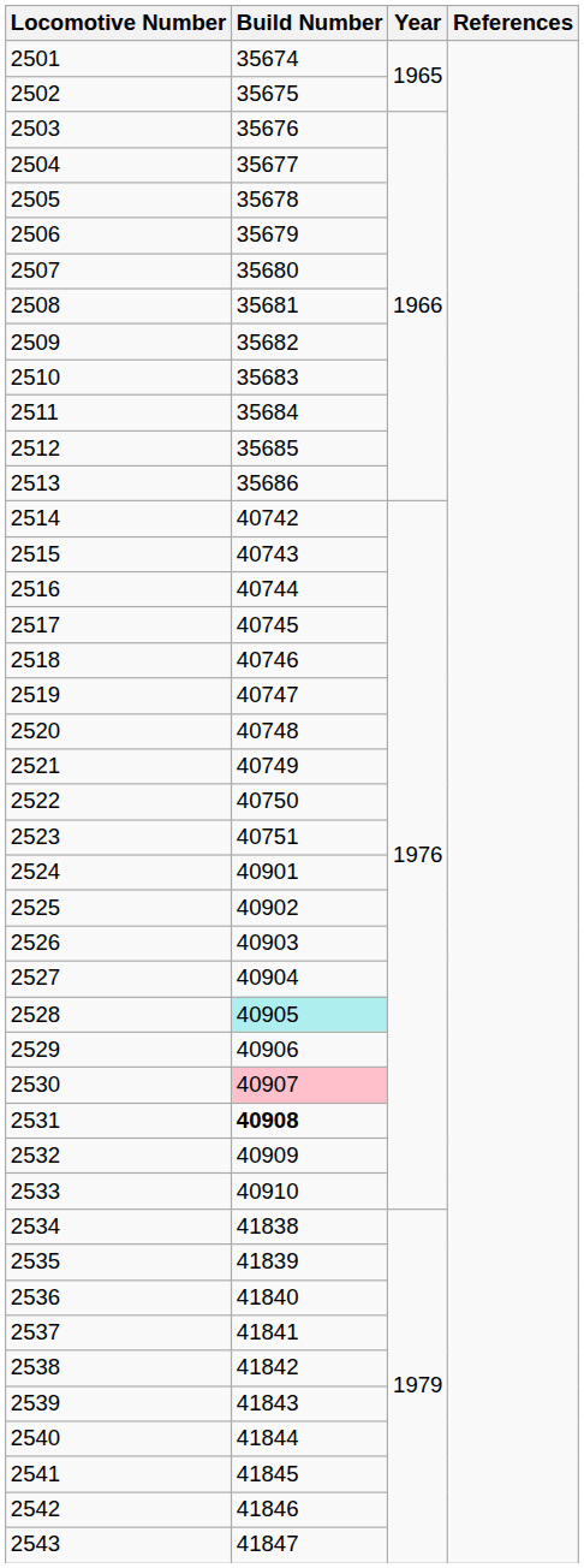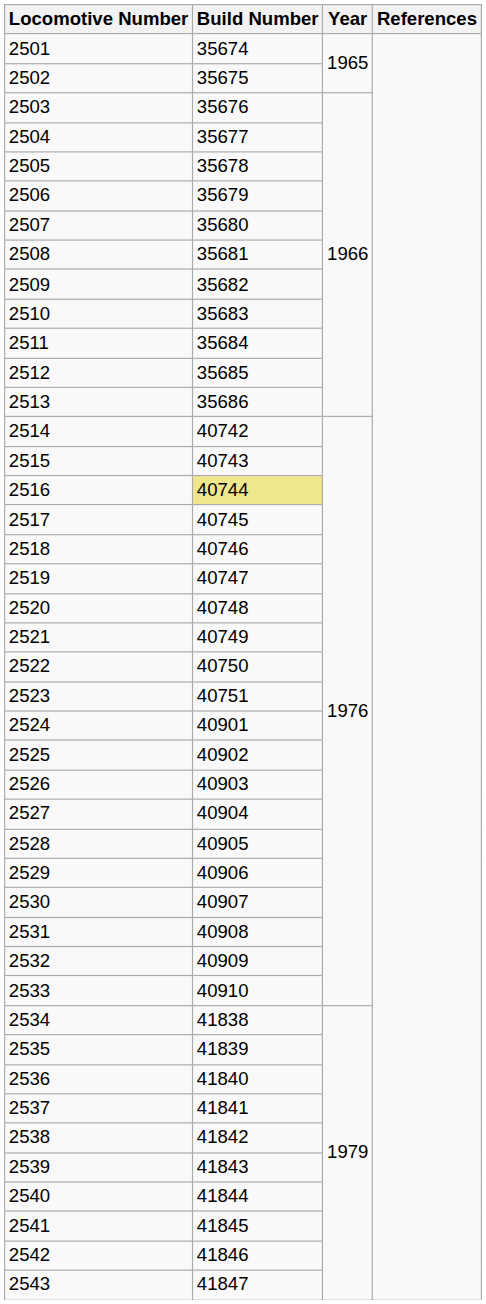 <table class="wikitable">
 <tr>
 <th>Locomotive Number</th>
 <th>Build Number</th>
 <th>Year</th>
 <th>References</th>
 </tr>
 <tr>
 <td>2501</td>
 <td>35674</td>
 <td rowspan="2">1965</td>
 <td rowspan="43"></td>
 </tr>
 <tr>
 <td>2502</td>
 <td>35675</td>
 </tr>
 <tr>
 <td>2503</td>
 <td>35676</td>
 <td rowspan="11">1966</td>
 </tr>
 <tr>
 <td>2504</td>
 <td>35677</td>
 </tr>
 <tr>
 <td>2505</td>
 <td>35678</td>
 </tr>
 <tr>
 <td>2506</td>
 <td>35679</td>
 </tr>
 <tr>
 <td>2507</td>
 <td>35680</td>
 </tr>
 <tr>
 <td>2508</td>
 <td>35681</td>
 </tr>
 <tr>
 <td>2509</td>
 <td>35682</td>
 </tr>
 <tr>
 <td>2510</td>
 <td>35683</td>
 </tr>
 <tr>
 <td>2511</td>
 <td>35684</td>
 </tr>
 <tr>
 <td>2512</td>
 <td>35685</td>
 </tr>
 <tr>
 <td>2513</td>
 <td>35686</td>
 </tr>
 <tr>
 <td>2514</td>
 <td>40742</td>
 <td rowspan="20">1976</td>
 </tr>
 <tr>
 <td>2515</td>
 <td>40743</td>
 </tr>
 <tr>
 <td>2516</td>
-<td>40744</td>
+<td style="background: khaki;">40744</td>
 </tr>
 <tr>
 <td>2517</td>
 <td>40745</td>
 </tr>
 <tr>
 <td>2518</td>
 <td>40746</td>
 </tr>
 <tr>
 <td>2519</td>
 <td>40747</td>
 </tr>
 <tr>
 <td>2520</td>
 <td>40748</td>
 </tr>
 <tr>
 <td>2521</td>
 <td>40749</td>
 </tr>
 <tr>
 <td>2522</td>
 <td>40750</td>
 </tr>
 <tr>
 <td>2523</td>
 <td>40751</td>
 </tr>
 <tr>
 <td>2524</td>
 <td>40901</td>
 </tr>
 <tr>
 <td>2525</td>
 <td>40902</td>
 </tr>
 <tr>
 <td>2526</td>
 <td>40903</td>
 </tr>
 <tr>
 <td>2527</td>
 <td>40904</td>
 </tr>
 <tr>
 <td>2528</td>
-<td style="background: paleturquoise;">40905</td>
+<td>40905</td>
 </tr>
 <tr>
 <td>2529</td>
 <td>40906</td>
 </tr>
 <tr>
 <td>2530</td>
-<td style="background: pink;">40907</td>
+<td>40907</td>
 </tr>
 <tr>
 <td>2531</td>
-<td><strong>40908</strong></td>
+<td>40908</td>
 </tr>
 <tr>
 <td>2532</td>
 <td>40909</td>
 </tr>
 <tr>
 <td>2533</td>
 <td>40910</td>
 </tr>
 <tr>
 <td>2534</td>
 <td>41838</td>
 <td rowspan="10">1979</td>
 </tr>
 <tr>
 <td>2535</td>
 <td>41839</td>
 </tr>
 <tr>
 <td>2536</td>
 <td>41840</td>
 </tr>
 <tr>
 <td>2537</td>
 <td>41841</td>
 </tr>
 <tr>
 <td>2538</td>
 <td>41842</td>
 </tr>
 <tr>
 <td>2539</td>
 <td>41843</td>
 </tr>
 <tr>
 <td>2540</td>
 <td>41844</td>
 </tr>
 <tr>
 <td>2541</td>
 <td>41845</td>
 </tr>
 <tr>
 <td>2542</td>
 <td>41846</td>
 </tr>
 <tr>
 <td>2543</td>
 <td>41847</td>
 </tr>
 </table>
